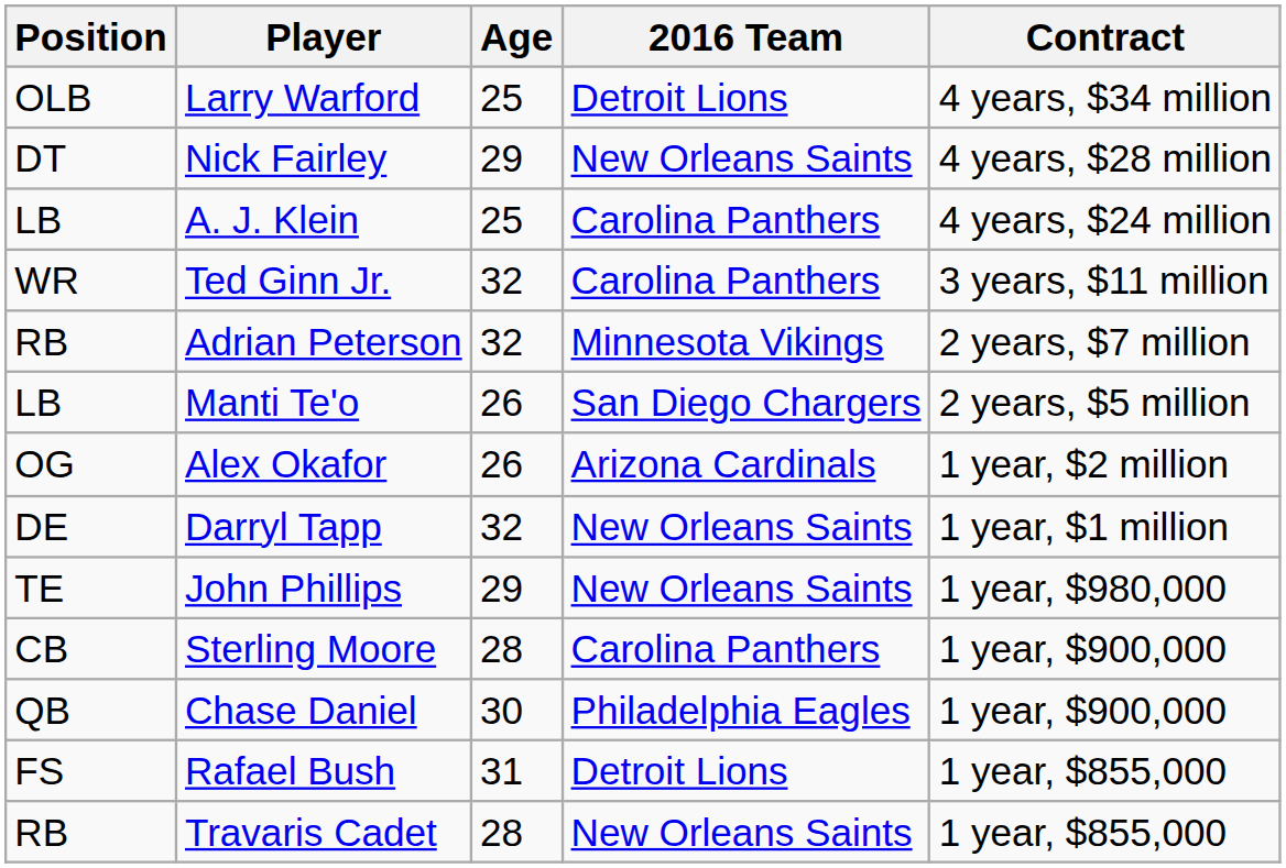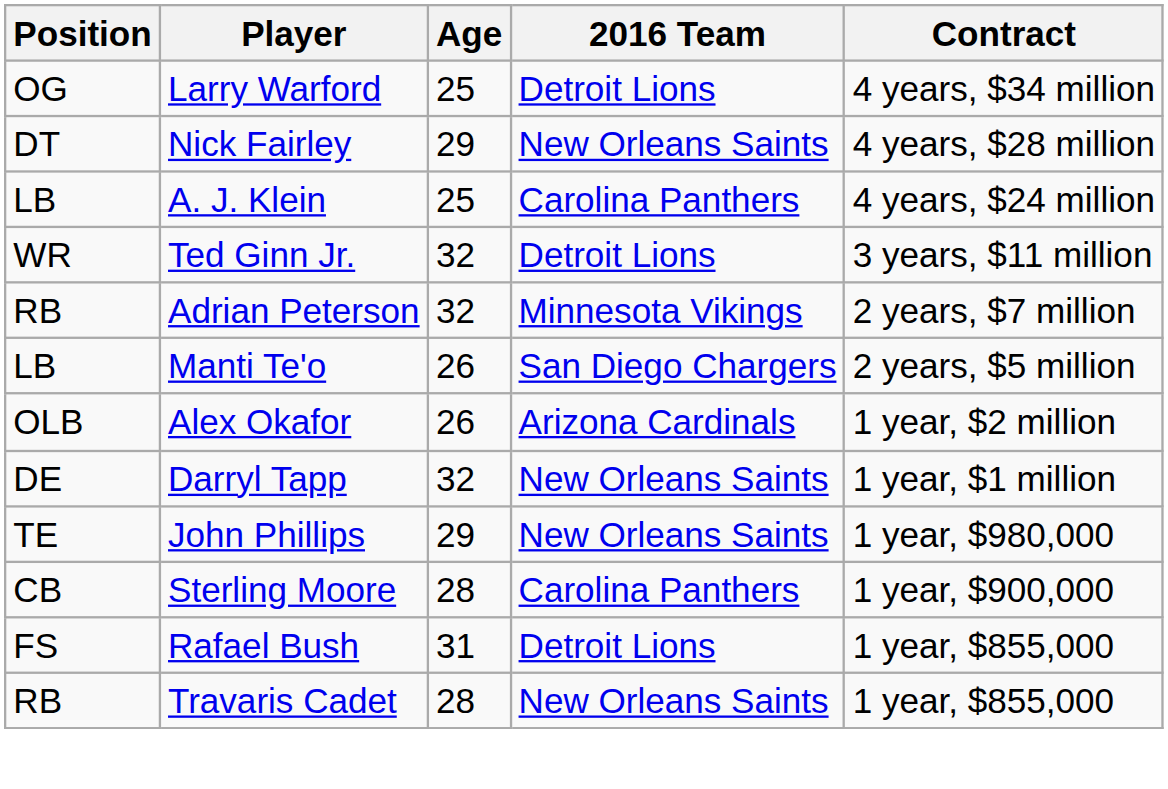 <table class="wikitable" style="font-size: 95%; text-align: left">
 <tr>
 <th>Position</th>
 <th>Player</th>
 <th>Age</th>
 <th>2016 Team</th>
 <th>Contract</th>
 </tr>
 <tr>
-<td>OLB</td>
+<td>OG</td>
 <td><a href='#'>Larry Warford</a></td>
 <td>25</td>
 <td><a href='#'>Detroit Lions</a></td>
 <td>4 years, $34 million</td>
 </tr>
 <tr>
 <td>DT</td>
 <td><a href='#'>Nick Fairley</a></td>
 <td>29</td>
 <td><a href='#'>New Orleans Saints</a></td>
 <td>4 years, $28 million</td>
 </tr>
 <tr>
 <td>LB</td>
 <td><a href='#'>A. J. Klein</a></td>
 <td>25</td>
 <td><a href='#'>Carolina Panthers</a></td>
 <td>4 years, $24 million</td>
 </tr>
 <tr>
 <td>WR</td>
 <td><a href='#'>Ted Ginn Jr.</a></td>
 <td>32</td>
-<td><a href='#'>Carolina Panthers</a></td>
+<td><a href='#'>Detroit Lions</a></td>
 <td>3 years, $11 million</td>
 </tr>
 <tr>
 <td>RB</td>
 <td><a href='#'>Adrian Peterson</a></td>
 <td>32</td>
 <td><a href='#'>Minnesota Vikings</a></td>
 <td>2 years, $7 million</td>
 </tr>
 <tr>
 <td>LB</td>
 <td><a href='#'>Manti Te'o</a></td>
 <td>26</td>
 <td><a href='#'>San Diego Chargers</a></td>
 <td>2 years, $5 million</td>
 </tr>
 <tr>
-<td>OG</td>
+<td>OLB</td>
 <td><a href='#'>Alex Okafor</a></td>
 <td>26</td>
 <td><a href='#'>Arizona Cardinals</a></td>
 <td>1 year, $2 million</td>
 </tr>
 <tr>
 <td>DE</td>
 <td><a href='#'>Darryl Tapp</a></td>
 <td>32</td>
 <td><a href='#'>New Orleans Saints</a></td>
 <td>1 year, $1 million</td>
 </tr>
 <tr>
 <td>TE</td>
 <td><a href='#'>John Phillips</a></td>
 <td>29</td>
 <td><a href='#'>New Orleans Saints</a></td>
 <td>1 year, $980,000</td>
 </tr>
 <tr>
 <td>CB</td>
 <td><a href='#'>Sterling Moore</a></td>
 <td>28</td>
 <td><a href='#'>Carolina Panthers</a></td>
 <td>1 year, $900,000</td>
 </tr>
 <tr>
-<td>QB</td>
-<td><a href='#'>Chase Daniel</a></td>
-<td>30</td>
-<td><a href='#'>Philadelphia Eagles</a></td>
-<td>1 year, $900,000</td>
-</tr>
-<tr>
 <td>FS</td>
 <td><a href='#'>Rafael Bush</a></td>
 <td>31</td>
 <td><a href='#'>Detroit Lions</a></td>
 <td>1 year, $855,000</td>
 </tr>
 <tr>
 <td>RB</td>
 <td><a href='#'>Travaris Cadet</a></td>
 <td>28</td>
 <td><a href='#'>New Orleans Saints</a></td>
 <td>1 year, $855,000</td>
 </tr>
 </table>
